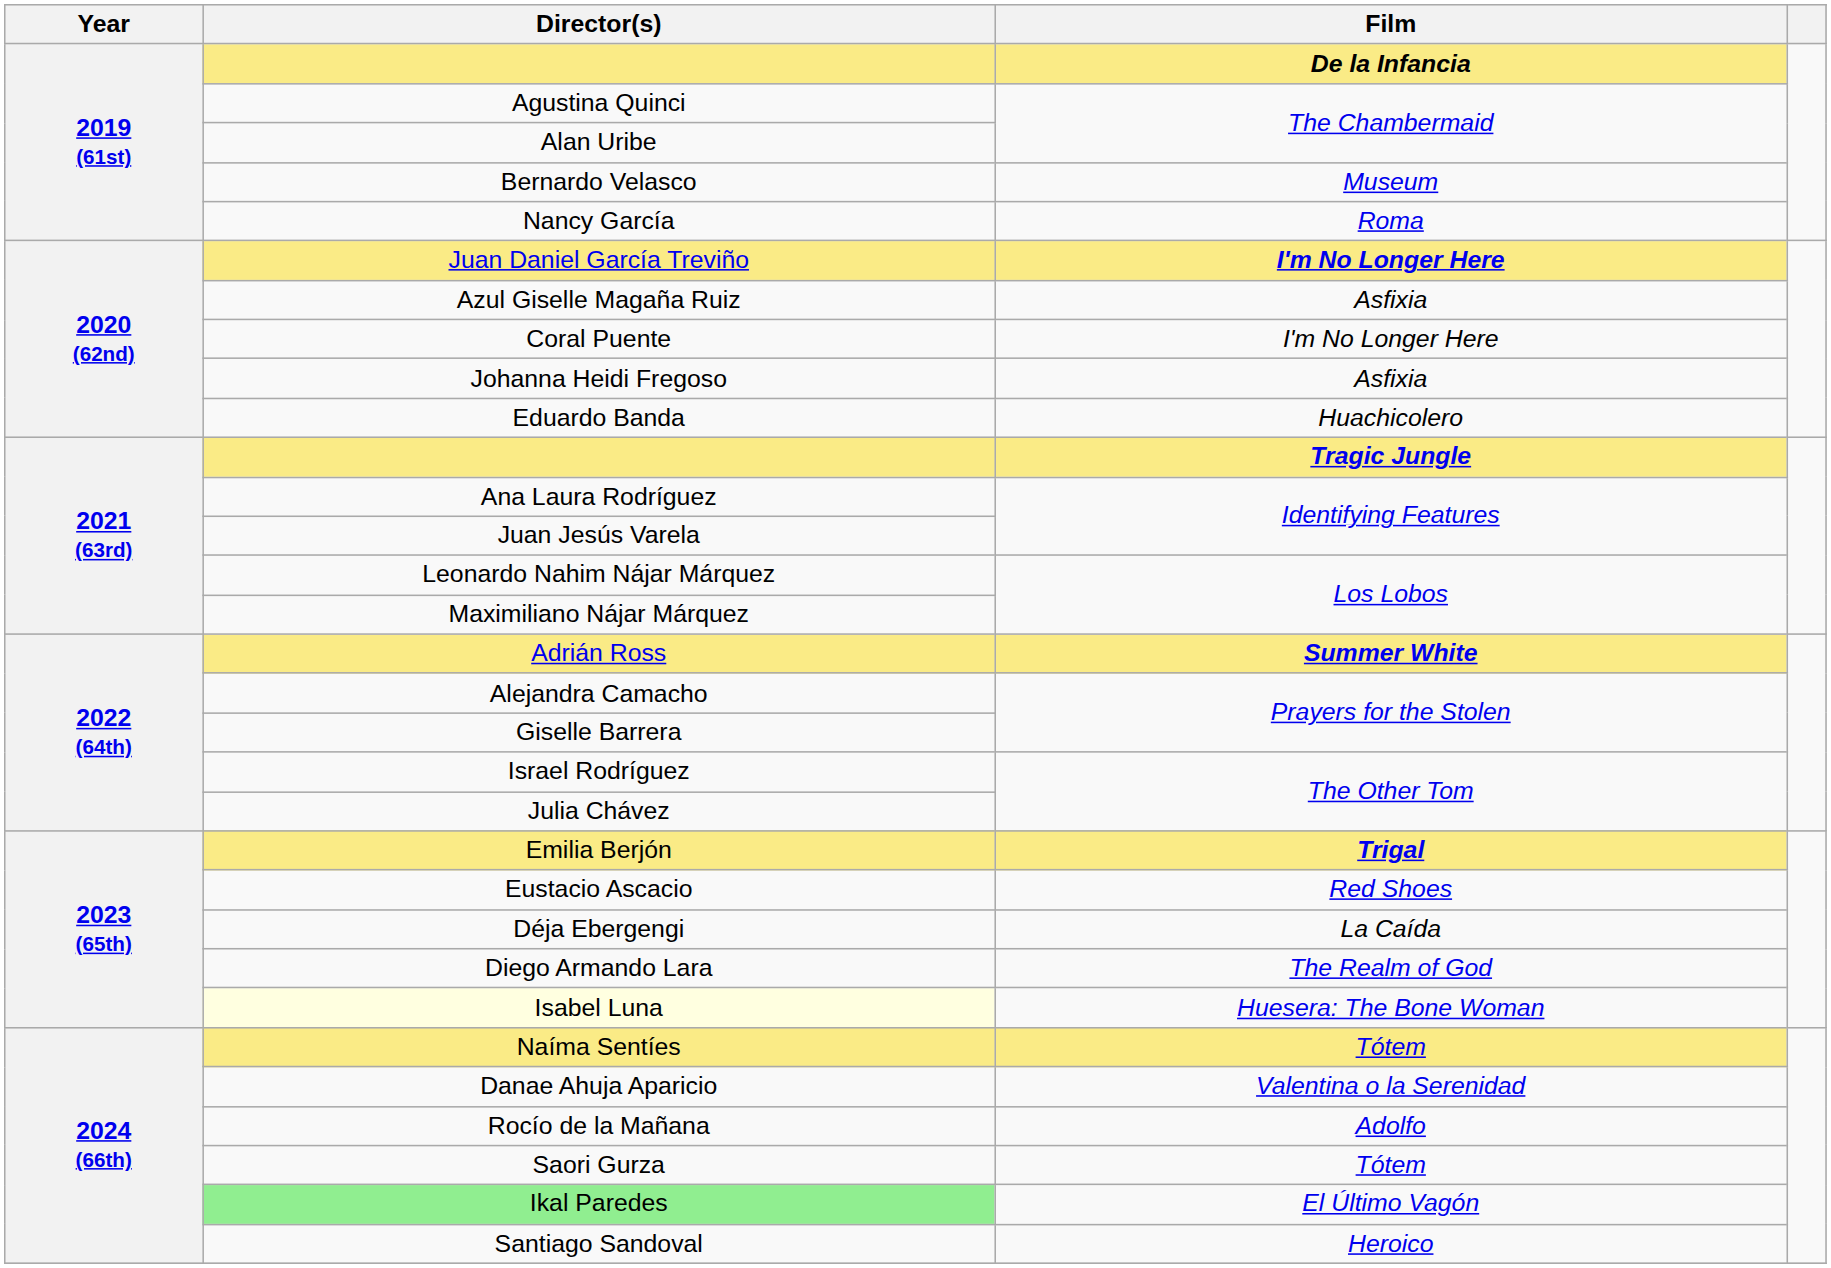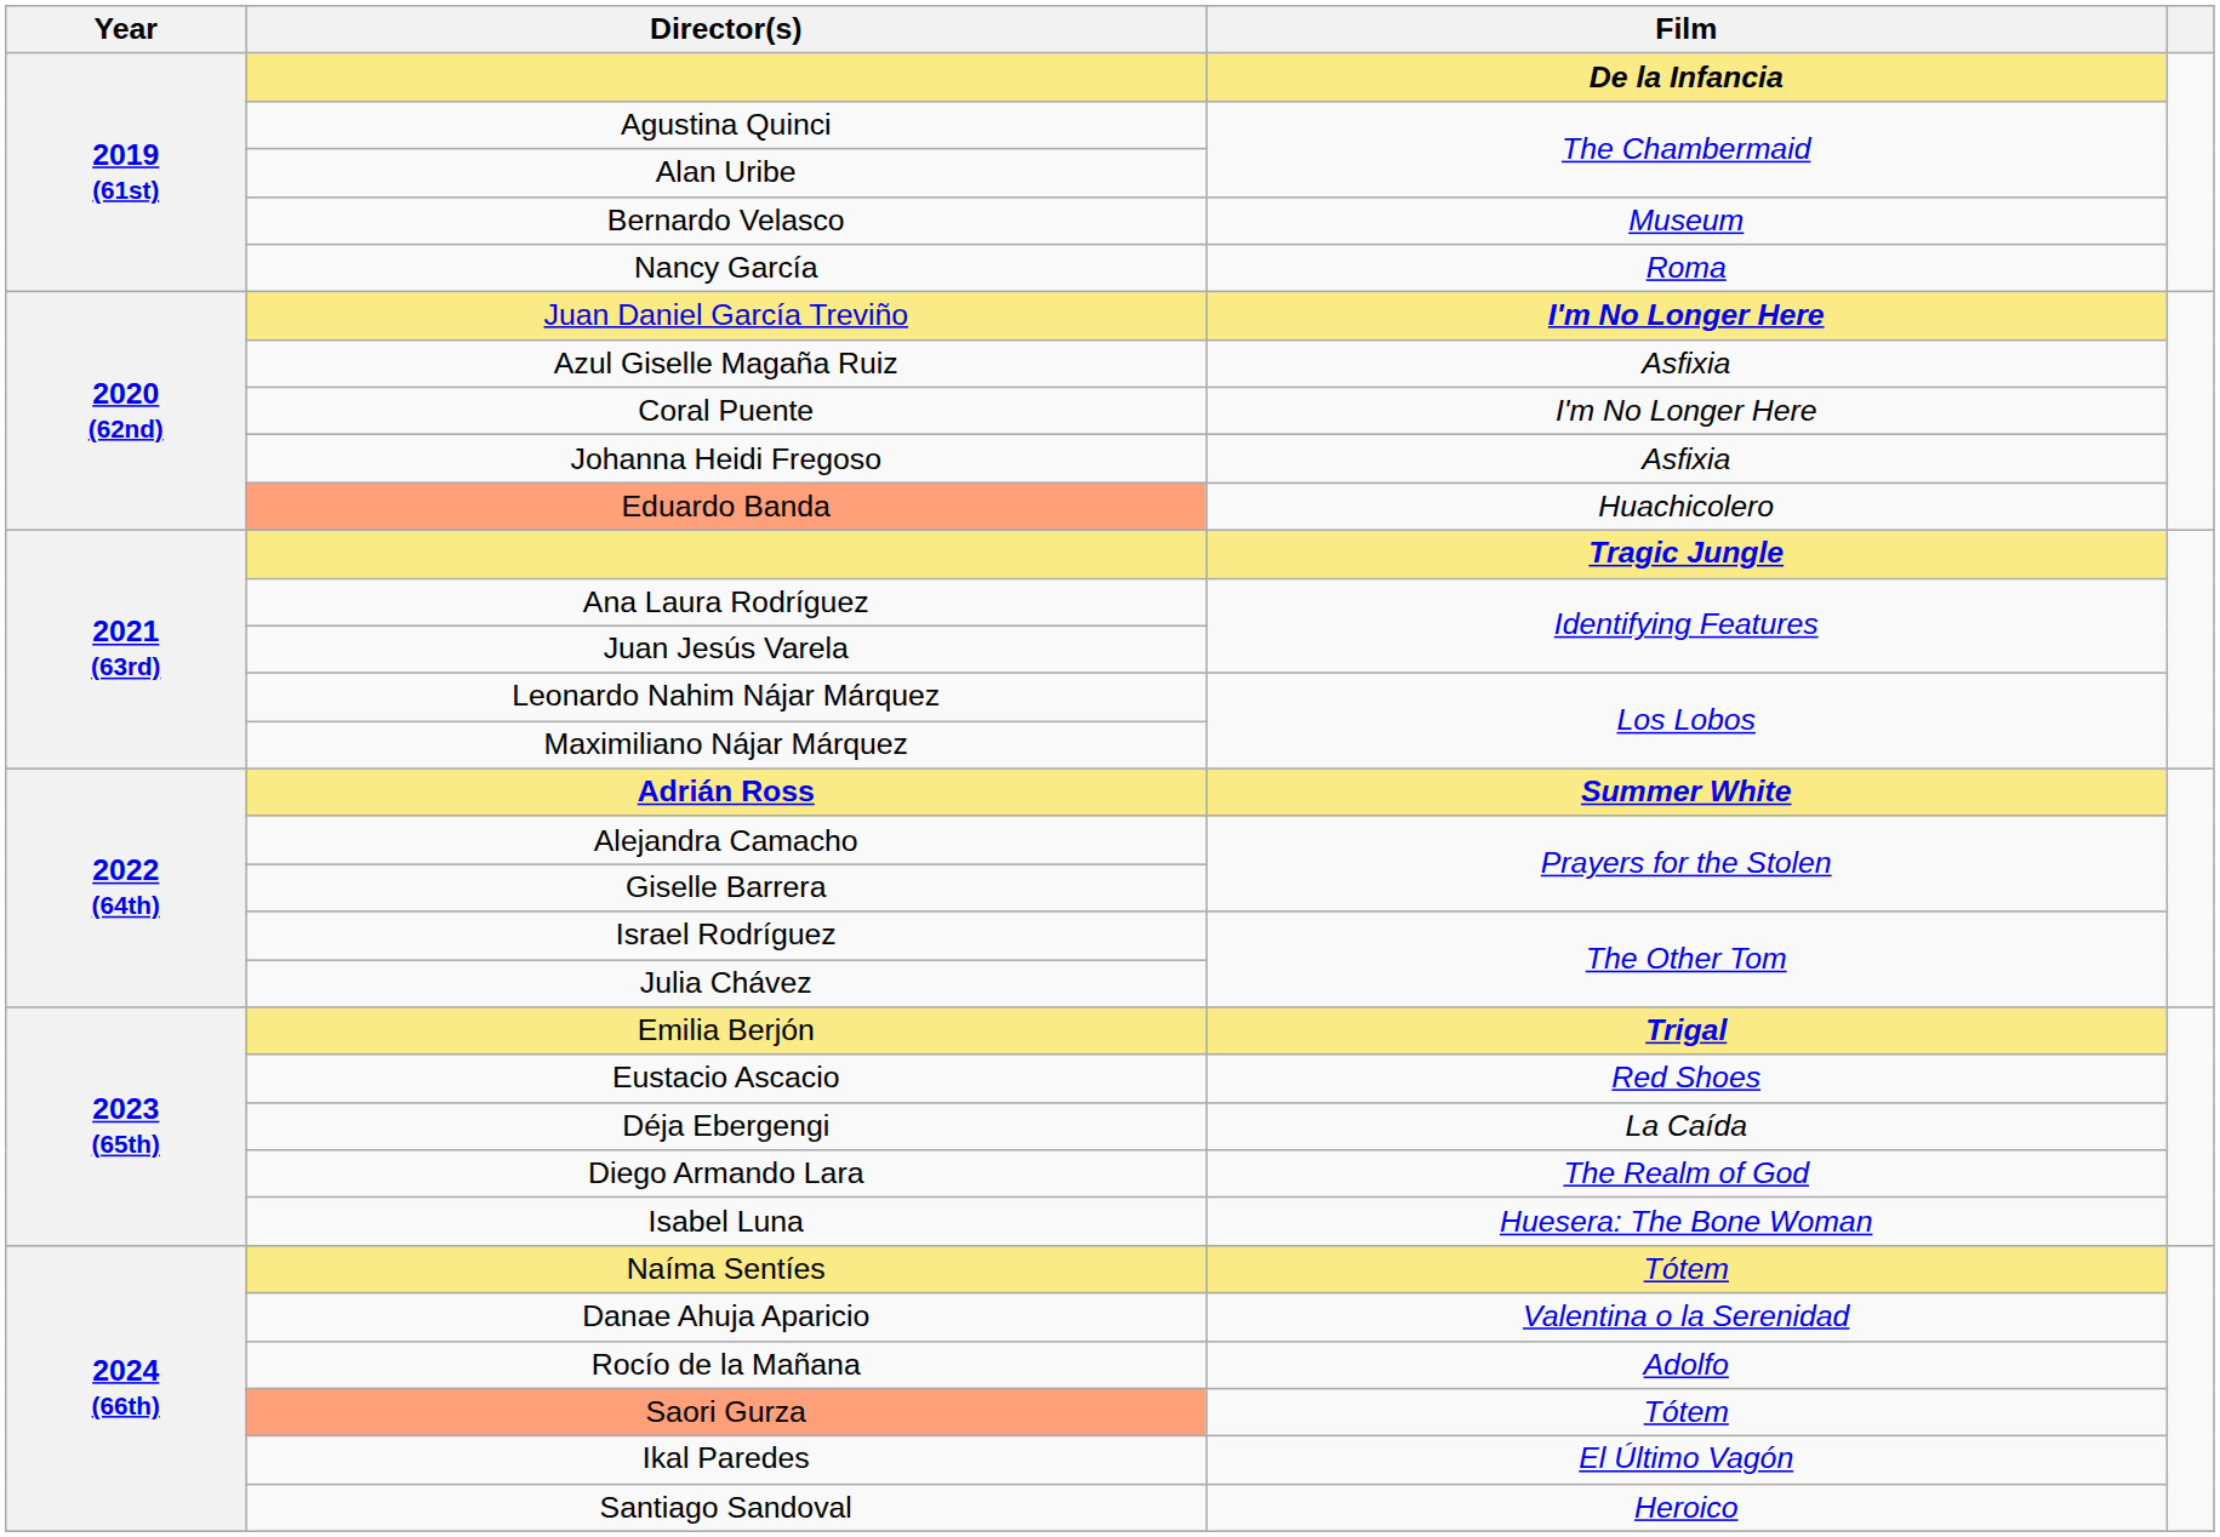 <table class="wikitable sortable" style="text-align: center;">
 <tr>
 <th scope="col" style="width:5%;">Year</th>
 <th scope="col" style="width:20%;">Director(s)</th>
 <th scope="col" style="width:20%;">Film</th>
 <th scope="col" style="width:1%;" class="unsortable"></th>
 </tr>
 <tr>
 <th rowspan="5" scope="row" style="text-align:center;"><a href='#'>2019</a><br><small><a href='#'>(61st)</a></small></th>
 <td style="background:#FAEB86"></td>
 <td style="background:#FAEB86"><strong><em>De la Infancia</em></strong></td>
 <td rowspan="5"></td>
 </tr>
 <tr>
 <td>Agustina Quinci</td>
 <td rowspan="2"><a href='#'><em>The Chambermaid</em></a></td>
 </tr>
 <tr>
 <td>Alan Uribe</td>
 </tr>
 <tr>
 <td>Bernardo Velasco</td>
 <td><em><a href='#'>Museum</a></em></td>
 </tr>
 <tr>
 <td>Nancy García</td>
 <td><a href='#'><em>Roma</em></a></td>
 </tr>
 <tr>
 <th rowspan="5" scope="row" style="text-align:center;"><a href='#'>2020</a><br><small><a href='#'>(62nd)</a></small></th>
 <td style="background:#FAEB86"><a href='#'>Juan Daniel García Treviño</a></td>
 <td style="background:#FAEB86"><strong><em><a href='#'>I'm No Longer Here</a></em></strong></td>
 <td rowspan="5"></td>
 </tr>
 <tr>
 <td>Azul Giselle Magaña Ruiz</td>
 <td><em>Asfixia</em></td>
 </tr>
 <tr>
 <td>Coral Puente</td>
 <td><em>I'm No Longer Here</em></td>
 </tr>
 <tr>
 <td>Johanna Heidi Fregoso</td>
 <td><em>Asfixia</em></td>
 </tr>
 <tr>
-<td>Eduardo Banda</td>
+<td style="background: lightsalmon;">Eduardo Banda</td>
 <td><em>Huachicolero</em></td>
 </tr>
 <tr>
 <th rowspan="5" scope="row" style="text-align:center;"><a href='#'>2021</a><br><small><a href='#'>(63rd)</a></small></th>
 <td style="background:#FAEB86"></td>
 <td style="background:#FAEB86"><strong><em><a href='#'>Tragic Jungle</a></em></strong></td>
 <td rowspan="5"></td>
 </tr>
 <tr>
 <td>Ana Laura Rodríguez</td>
 <td rowspan="2"><em><a href='#'>Identifying Features</a></em></td>
 </tr>
 <tr>
 <td>Juan Jesús Varela</td>
 </tr>
 <tr>
 <td>Leonardo Nahim Nájar Márquez</td>
 <td rowspan="2"><em><a href='#'>Los Lobos</a></em></td>
 </tr>
 <tr>
 <td>Maximiliano Nájar Márquez</td>
 </tr>
 <tr>
 <th rowspan="5" scope="row" style="text-align:center;"><a href='#'>2022</a><br><small><a href='#'>(64th)</a></small></th>
-<td style="background:#FAEB86"><a href='#'>Adrián Ross</a></td>
+<td style="background:#FAEB86"><strong><a href='#'>Adrián Ross</a></strong></td>
 <td style="background:#FAEB86"><strong><em><a href='#'>Summer White</a></em></strong></td>
 <td rowspan="5"></td>
 </tr>
 <tr>
 <td>Alejandra Camacho</td>
 <td rowspan="2"><em><a href='#'>Prayers for the Stolen</a></em></td>
 </tr>
 <tr>
 <td>Giselle Barrera</td>
 </tr>
 <tr>
 <td>Israel Rodríguez</td>
 <td rowspan="2"><em><a href='#'>The Other Tom</a></em></td>
 </tr>
 <tr>
 <td>Julia Chávez</td>
 </tr>
 <tr>
 <th rowspan="5" scope="row" style="text-align:center;"><a href='#'>2023</a><br><small><a href='#'>(65th)</a></small></th>
 <td style="background:#FAEB86">Emilia Berjón</td>
 <td style="background:#FAEB86"><strong><em><a href='#'>Trigal</a></em></strong></td>
 <td rowspan="5"></td>
 </tr>
 <tr>
 <td>Eustacio Ascacio</td>
 <td><em><a href='#'>Red Shoes</a></em></td>
 </tr>
 <tr>
 <td>Déja Ebergengi</td>
 <td><em>La Caída</em></td>
 </tr>
 <tr>
 <td>Diego Armando Lara</td>
 <td><em><a href='#'>The Realm of God</a></em></td>
 </tr>
 <tr>
-<td style="background: lightyellow;">Isabel Luna</td>
+<td>Isabel Luna</td>
 <td><em><a href='#'>Huesera: The Bone Woman</a></em></td>
 </tr>
 <tr>
 <th rowspan="6" scope="row" style="text-align:center;"><a href='#'>2024</a><br><small><a href='#'>(66th)</a></small></th>
 <td style="background:#FAEB86">Naíma Sentíes</td>
 <td style="background:#FAEB86"><em><a href='#'>Tótem</a></em></td>
 <td rowspan="6"><br></td>
 </tr>
 <tr>
 <td>Danae Ahuja Aparicio</td>
 <td><em><a href='#'>Valentina o la Serenidad</a></em></td>
 </tr>
 <tr>
 <td>Rocío de la Mañana</td>
 <td><em><a href='#'>Adolfo</a></em></td>
 </tr>
 <tr>
-<td>Saori Gurza</td>
+<td style="background: lightsalmon;">Saori Gurza</td>
 <td><em><a href='#'>Tótem</a></em></td>
 </tr>
 <tr>
-<td style="background: lightgreen;">Ikal Paredes</td>
+<td>Ikal Paredes</td>
 <td><em><a href='#'>El Último Vagón</a></em></td>
 </tr>
 <tr>
 <td>Santiago Sandoval</td>
 <td><em><a href='#'>Heroico</a></em></td>
 </tr>
 <tr>
 </tr>
 </table>
